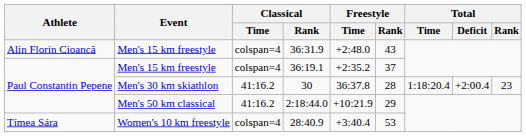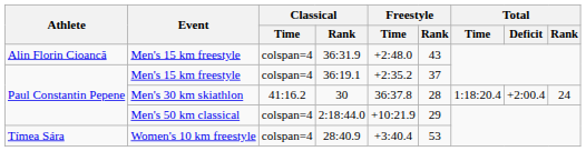 <table class="wikitable" style="font-size:90%">
 <tr>
 <th rowspan=2>Athlete</th>
 <th rowspan=2>Event</th>
 <th colspan=2>Classical</th>
 <th colspan=2>Freestyle</th>
 <th colspan=3>Total</th>
 </tr>
 <tr style="font-size: 95%">
 <th>Time</th>
 <th>Rank</th>
 <th>Time</th>
 <th>Rank</th>
 <th>Time</th>
 <th>Deficit</th>
 <th>Rank</th>
 </tr>
 <tr align=center>
 <td align=left><a href='#'>Alin Florin Cioancă</a></td>
 <td align=left><a href='#'>Men's 15 km freestyle</a></td>
 <td>colspan=4 </td>
 <td>36:31.9</td>
 <td>+2:48.0</td>
 <td>43</td>
 </tr>
 <tr align=center>
 <td align=left rowspan=3><a href='#'>Paul Constantin Pepene</a></td>
 <td align=left><a href='#'>Men's 15 km freestyle</a></td>
 <td>colspan=4 </td>
 <td>36:19.1</td>
 <td>+2:35.2</td>
 <td>37</td>
 </tr>
 <tr align=center>
 <td align=left><a href='#'>Men's 30 km skiathlon</a></td>
 <td>41:16.2</td>
 <td>30</td>
 <td>36:37.8</td>
 <td>28</td>
 <td>1:18:20.4</td>
 <td>+2:00.4</td>
-<td>23</td>
+<td>24</td>
 </tr>
 <tr align=center>
 <td align=left><a href='#'>Men's 50 km classical</a></td>
-<td>41:16.2</td>
+<td>colspan=4 </td>
 <td>2:18:44.0</td>
 <td>+10:21.9</td>
 <td>29</td>
 </tr>
 <tr align=center>
 <td align=left><a href='#'>Tímea Sára</a></td>
 <td align=left><a href='#'>Women's 10 km freestyle</a></td>
 <td>colspan=4 </td>
 <td>28:40.9</td>
 <td>+3:40.4</td>
 <td>53</td>
 </tr>
 </table>
